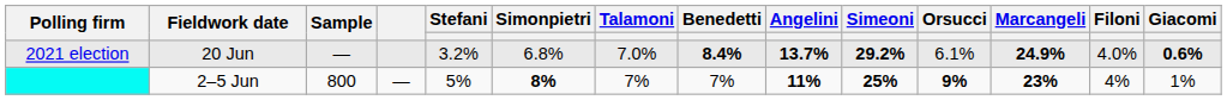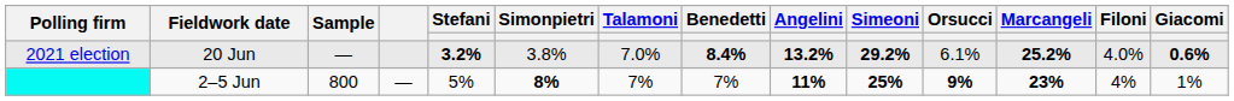 <table class="wikitable" style="text-align:center;font-size:80%;line-height:14px;">
 <tr>
 <th rowspan="2" style="width:100px;">Polling firm</th>
 <th rowspan="2" style="width:110px;">Fieldwork date</th>
 <th rowspan="2" style="width:35px;">Sample</th>
 <th rowspan="2" style="width:30px;"></th>
 <th>Stefani<br></th>
 <th>Simonpietri<br></th>
 <th><a href='#'>Talamoni</a><br></th>
 <th>Benedetti<br></th>
 <th><a href='#'>Angelini</a><br></th>
 <th><a href='#'>Simeoni</a><br></th>
 <th>Orsucci<br></th>
 <th><a href='#'>Marcangeli</a><br></th>
 <th>Filoni<br></th>
 <th>Giacomi<br></th>
 </tr>
 <tr>
 <th style="background:"></th>
 <th style="background:"></th>
 <th style="background:"></th>
 <th style="background:"></th>
 <th style="background:"></th>
 <th style="background:"></th>
 <th style="background:"></th>
 <th style="background:"></th>
 <th style="background:"></th>
 <th style="background:"></th>
 </tr>
 <tr style="background:#E9E9E9;">
 <td><a href='#'>2021 election</a></td>
 <td data-sort-value="2021-06-20">20 Jun</td>
 <td>—</td>
 <td></td>
-<td>3.2%</td>
-<td>6.8%</td>
+<td><strong>3.2%</strong></td>
+<td>3.8%</td>
 <td>7.0%</td>
 <td><strong>8.4%</strong></td>
-<td><strong>13.7%</strong></td>
+<td><strong>13.2%</strong></td>
 <td style="background:"><strong>29.2%</strong></td>
 <td>6.1%</td>
-<td><strong>24.9%</strong></td>
+<td><strong>25.2%</strong></td>
 <td>4.0%</td>
 <td><strong>0.6%</strong></td>
 </tr>
 <tr>
 <td style="background:#04FBF4;"></td>
 <td data-sort-value="2021-06-05">2–5 Jun</td>
 <td>800</td>
 <td>—</td>
 <td>5%</td>
 <td><strong>8%</strong></td>
 <td>7%</td>
 <td>7%</td>
 <td><strong>11%</strong></td>
 <td style="background:"><strong>25%</strong></td>
 <td><strong>9%</strong></td>
 <td><strong>23%</strong></td>
 <td>4%</td>
 <td>1%</td>
 </tr>
 </table>
